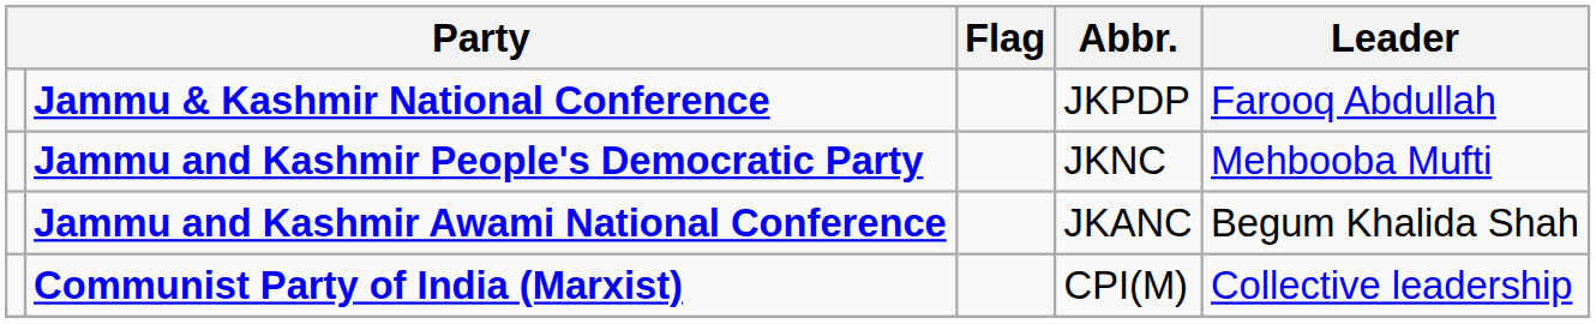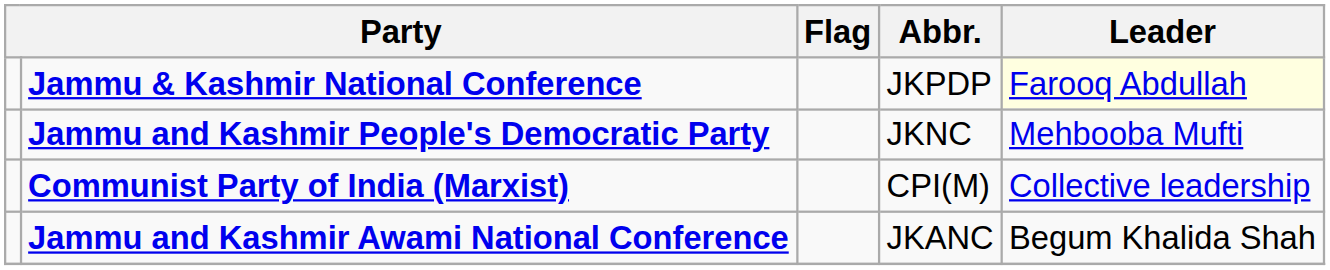 <table class="wikitable" style="font-size:90%">
 <tr>
 <th colspan="2">Party</th>
 <th>Flag</th>
 <th>Abbr.</th>
 <th>Leader</th>
 </tr>
 <tr>
 <td style="background-color: "></td>
 <td><strong><a href='#'>Jammu & Kashmir National Conference</a></strong></td>
 <td></td>
 <td>JKPDP</td>
-<td><a href='#'>Farooq Abdullah</a></td>
+<td style="background: lightyellow;"><a href='#'>Farooq Abdullah</a></td>
 </tr>
 <tr>
 <td style="background-color: "></td>
 <td><strong><a href='#'>Jammu and Kashmir People's Democratic Party</a></strong></td>
 <td></td>
 <td>JKNC</td>
 <td><a href='#'>Mehbooba Mufti</a></td>
 </tr>
 <tr>
 <td style="background-color: "></td>
+<td><strong><a href='#'>Communist Party of India (Marxist)</a></strong></td>
+<td></td>
+<td>CPI(M)</td>
+<td><a href='#'>Collective leadership</a></td>
+</tr>
+<tr>
+<td style="background-color: "></td>
 <td><strong><a href='#'>Jammu and Kashmir Awami National Conference</a></strong></td>
 <td></td>
 <td>JKANC</td>
 <td>Begum Khalida Shah</td>
 </tr>
 <tr>
-<td style="background-color: "></td>
-<td><strong><a href='#'>Communist Party of India (Marxist)</a></strong></td>
-<td></td>
-<td>CPI(M)</td>
-<td><a href='#'>Collective leadership</a></td>
-</tr>
-<tr>
 </tr>
 </table>
